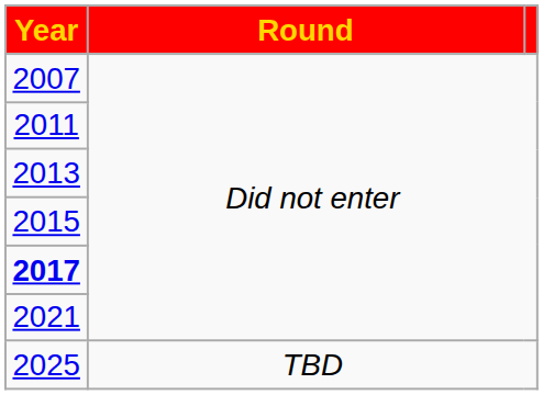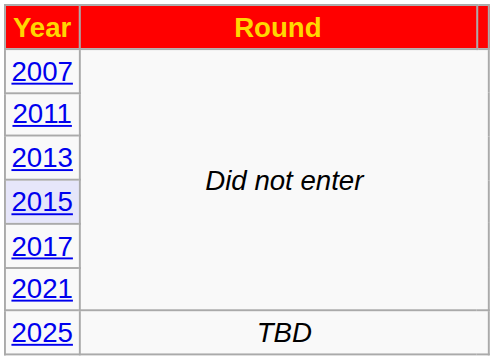 <table class="wikitable" style="text-align: center; font-size:90%">
 <tr style="color:gold;">
 <th style="background:#FF0000;">Year</th>
 <th style="background:#FF0000; width:200px">Round</th>
 <th style="background:#FF0000;"></th>
 </tr>
 <tr>
 <td><a href='#'>2007</a></td>
 <td colspan="2" rowspan="6"><em>Did not enter</em></td>
 </tr>
 <tr>
 <td><a href='#'>2011</a></td>
 </tr>
 <tr>
 <td><a href='#'>2013</a></td>
 </tr>
 <tr>
-<td><a href='#'>2015</a></td>
+<td style="background: lavender;"><a href='#'>2015</a></td>
 </tr>
 <tr>
-<td><strong><a href='#'>2017</a></strong></td>
+<td><a href='#'>2017</a></td>
 </tr>
 <tr>
 <td><a href='#'>2021</a></td>
 </tr>
 <tr>
 <td><a href='#'>2025</a></td>
 <td colspan="2"><em>TBD</em></td>
 </tr>
 </table>
